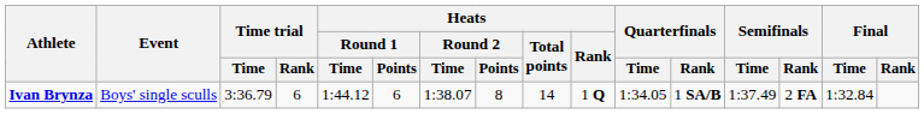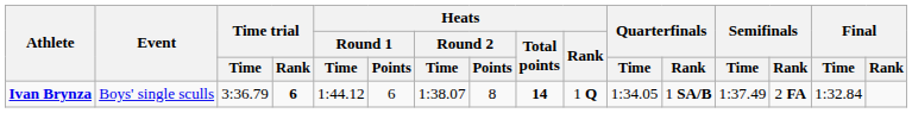 <table class="wikitable" style="font-size:90%">
 <tr>
 <th rowspan=3>Athlete</th>
 <th rowspan=3>Event</th>
 <th colspan=2 rowspan=2>Time trial</th>
 <th colspan=6>Heats</th>
 <th colspan=2 rowspan=2>Quarterfinals</th>
 <th colspan=2 rowspan=2>Semifinals</th>
 <th colspan=2 rowspan=2>Final</th>
 </tr>
 <tr>
 <th colspan=2>Round 1</th>
 <th colspan=2>Round 2</th>
 <th rowspan=2>Total<br>points</th>
 <th rowspan=2>Rank</th>
 </tr>
 <tr style="font-size:95%">
 <th>Time</th>
 <th>Rank</th>
 <th>Time</th>
 <th>Points</th>
 <th>Time</th>
 <th>Points</th>
 <th>Time</th>
 <th>Rank</th>
 <th>Time</th>
 <th>Rank</th>
 <th>Time</th>
 <th>Rank</th>
 </tr>
 <tr align=center>
 <td align=left><strong><a href='#'>Ivan Brynza</a></strong></td>
 <td align=left><a href='#'>Boys' single sculls</a></td>
 <td>3:36.79</td>
-<td>6</td>
+<td><strong>6</strong></td>
 <td>1:44.12</td>
 <td>6</td>
 <td>1:38.07</td>
 <td>8</td>
-<td>14</td>
+<td><strong>14</strong></td>
 <td>1 <strong>Q</strong></td>
 <td>1:34.05</td>
 <td>1 <strong>SA/B</strong></td>
 <td>1:37.49</td>
 <td>2 <strong>FA</strong></td>
 <td>1:32.84</td>
 <td></td>
 </tr>
 </table>
